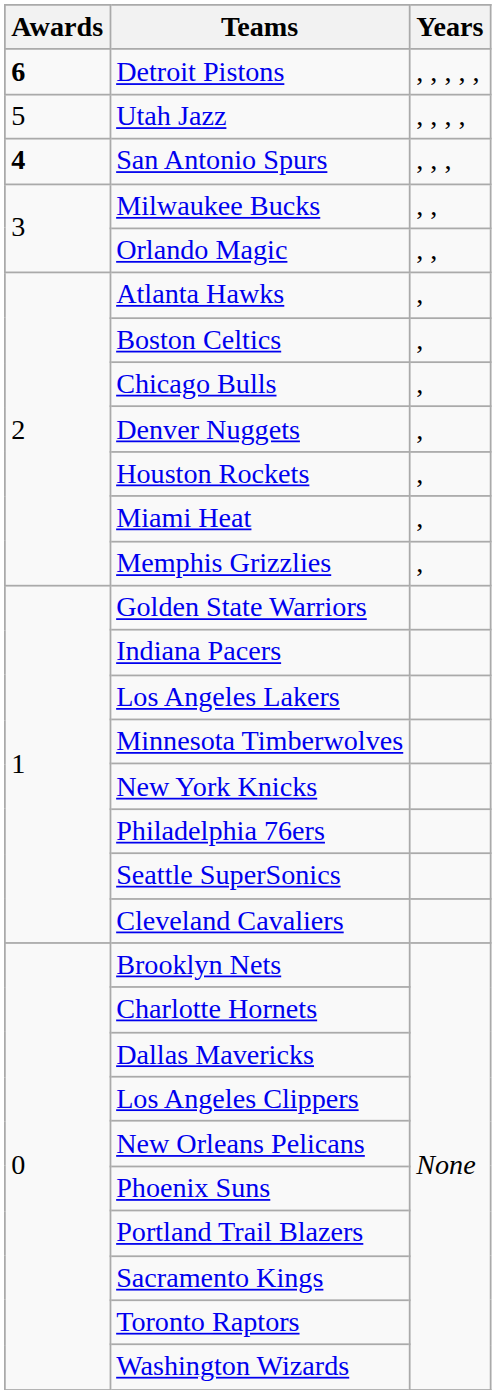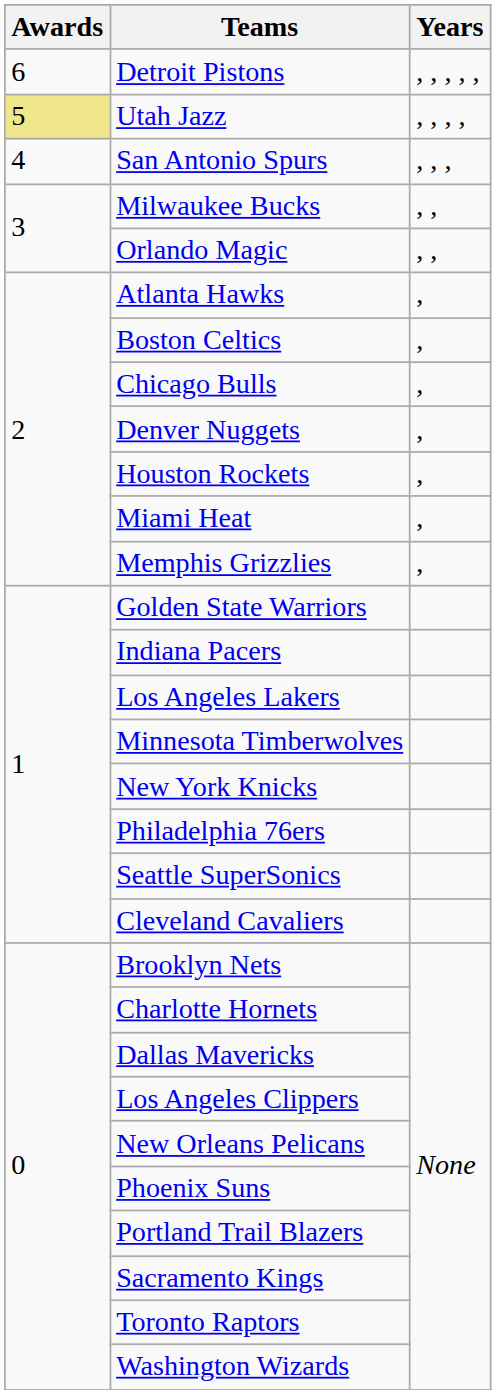 <table class="wikitable">
 <tr>
 <th>Awards</th>
 <th>Teams</th>
 <th>Years</th>
 </tr>
 <tr>
-<td><strong>6</strong></td>
+<td>6</td>
 <td><a href='#'>Detroit Pistons</a></td>
 <td>, , , , , </td>
 </tr>
 <tr>
-<td>5</td>
+<td style="background: khaki;">5</td>
 <td><a href='#'>Utah Jazz</a></td>
 <td>, , , , </td>
 </tr>
 <tr>
-<td><strong>4</strong></td>
+<td>4</td>
 <td><a href='#'>San Antonio Spurs</a></td>
 <td>, , , </td>
 </tr>
 <tr>
 <td rowspan=2>3</td>
 <td><a href='#'>Milwaukee Bucks</a></td>
 <td>, , </td>
 </tr>
 <tr>
 <td><a href='#'>Orlando Magic</a></td>
 <td>, , </td>
 </tr>
 <tr>
 <td rowspan=7>2</td>
 <td><a href='#'>Atlanta Hawks</a></td>
 <td>, </td>
 </tr>
 <tr>
 <td><a href='#'>Boston Celtics</a></td>
 <td>, </td>
 </tr>
 <tr>
 <td><a href='#'>Chicago Bulls</a></td>
 <td>, </td>
 </tr>
 <tr>
 <td><a href='#'>Denver Nuggets</a></td>
 <td>, </td>
 </tr>
 <tr>
 <td><a href='#'>Houston Rockets</a></td>
 <td>, </td>
 </tr>
 <tr>
 <td><a href='#'>Miami Heat</a></td>
 <td>, </td>
 </tr>
 <tr>
 <td><a href='#'>Memphis Grizzlies</a></td>
 <td>, </td>
 </tr>
 <tr>
 <td rowspan=8>1</td>
 <td><a href='#'>Golden State Warriors</a></td>
 <td></td>
 </tr>
 <tr>
 <td><a href='#'>Indiana Pacers</a></td>
 <td></td>
 </tr>
 <tr>
 <td><a href='#'>Los Angeles Lakers</a></td>
 <td></td>
 </tr>
 <tr>
 <td><a href='#'>Minnesota Timberwolves</a></td>
 <td></td>
 </tr>
 <tr>
 <td><a href='#'>New York Knicks</a></td>
 <td></td>
 </tr>
 <tr>
 <td><a href='#'>Philadelphia 76ers</a></td>
 <td></td>
 </tr>
 <tr>
 <td><a href='#'>Seattle SuperSonics</a></td>
 <td></td>
 </tr>
 <tr>
 <td><a href='#'>Cleveland Cavaliers</a></td>
 <td></td>
 </tr>
 <tr>
 <td rowspan="10">0</td>
 <td><a href='#'>Brooklyn Nets</a></td>
 <td rowspan="10"><em>None</em></td>
 </tr>
 <tr>
 <td><a href='#'>Charlotte Hornets</a></td>
 </tr>
 <tr>
 <td><a href='#'>Dallas Mavericks</a></td>
 </tr>
 <tr>
 <td><a href='#'>Los Angeles Clippers</a></td>
 </tr>
 <tr>
 <td><a href='#'>New Orleans Pelicans</a></td>
 </tr>
 <tr>
 <td><a href='#'>Phoenix Suns</a></td>
 </tr>
 <tr>
 <td><a href='#'>Portland Trail Blazers</a></td>
 </tr>
 <tr>
 <td><a href='#'>Sacramento Kings</a></td>
 </tr>
 <tr>
 <td><a href='#'>Toronto Raptors</a></td>
 </tr>
 <tr>
 <td><a href='#'>Washington Wizards</a></td>
 </tr>
 </table>
